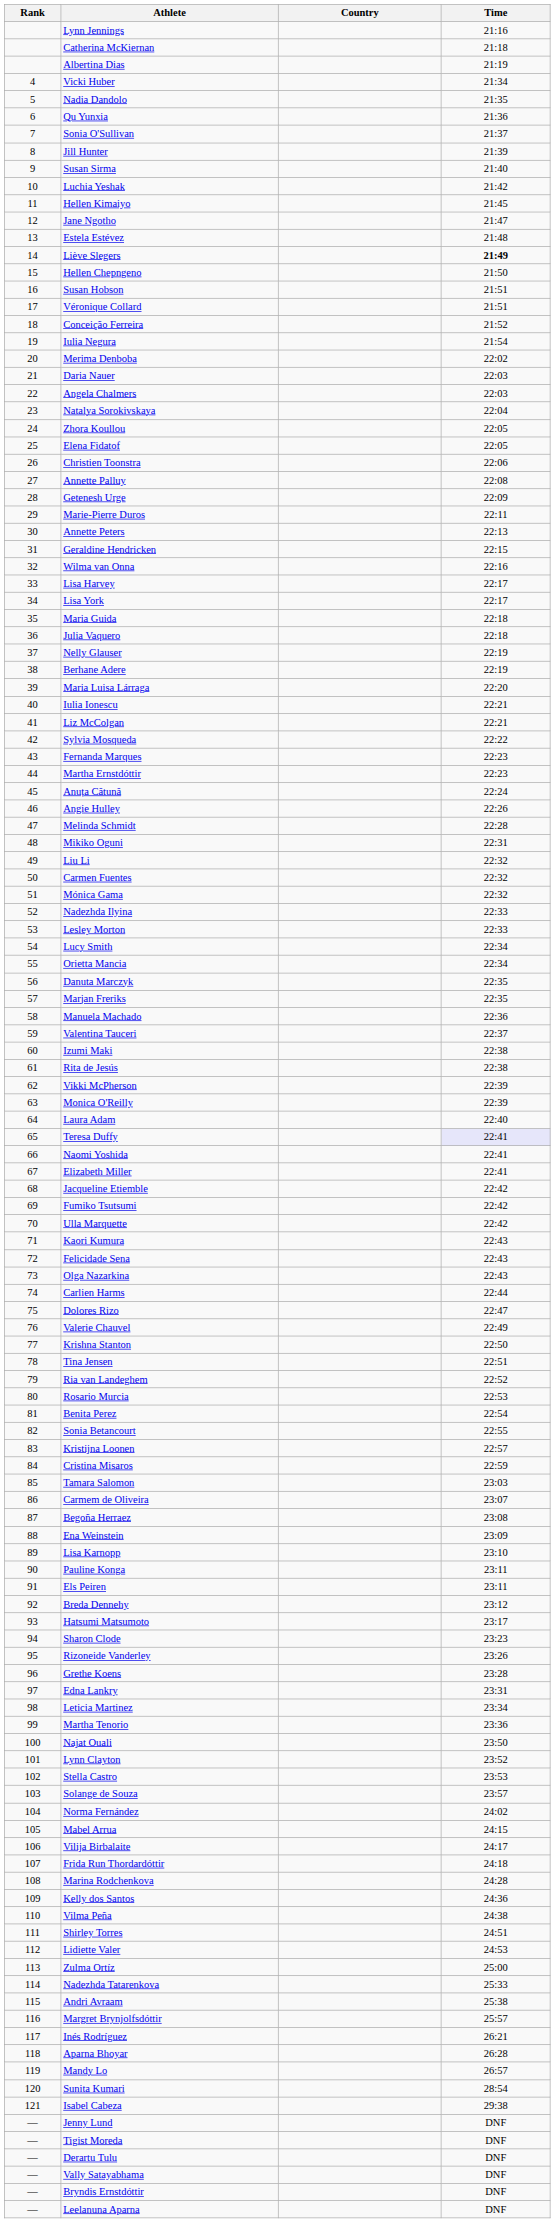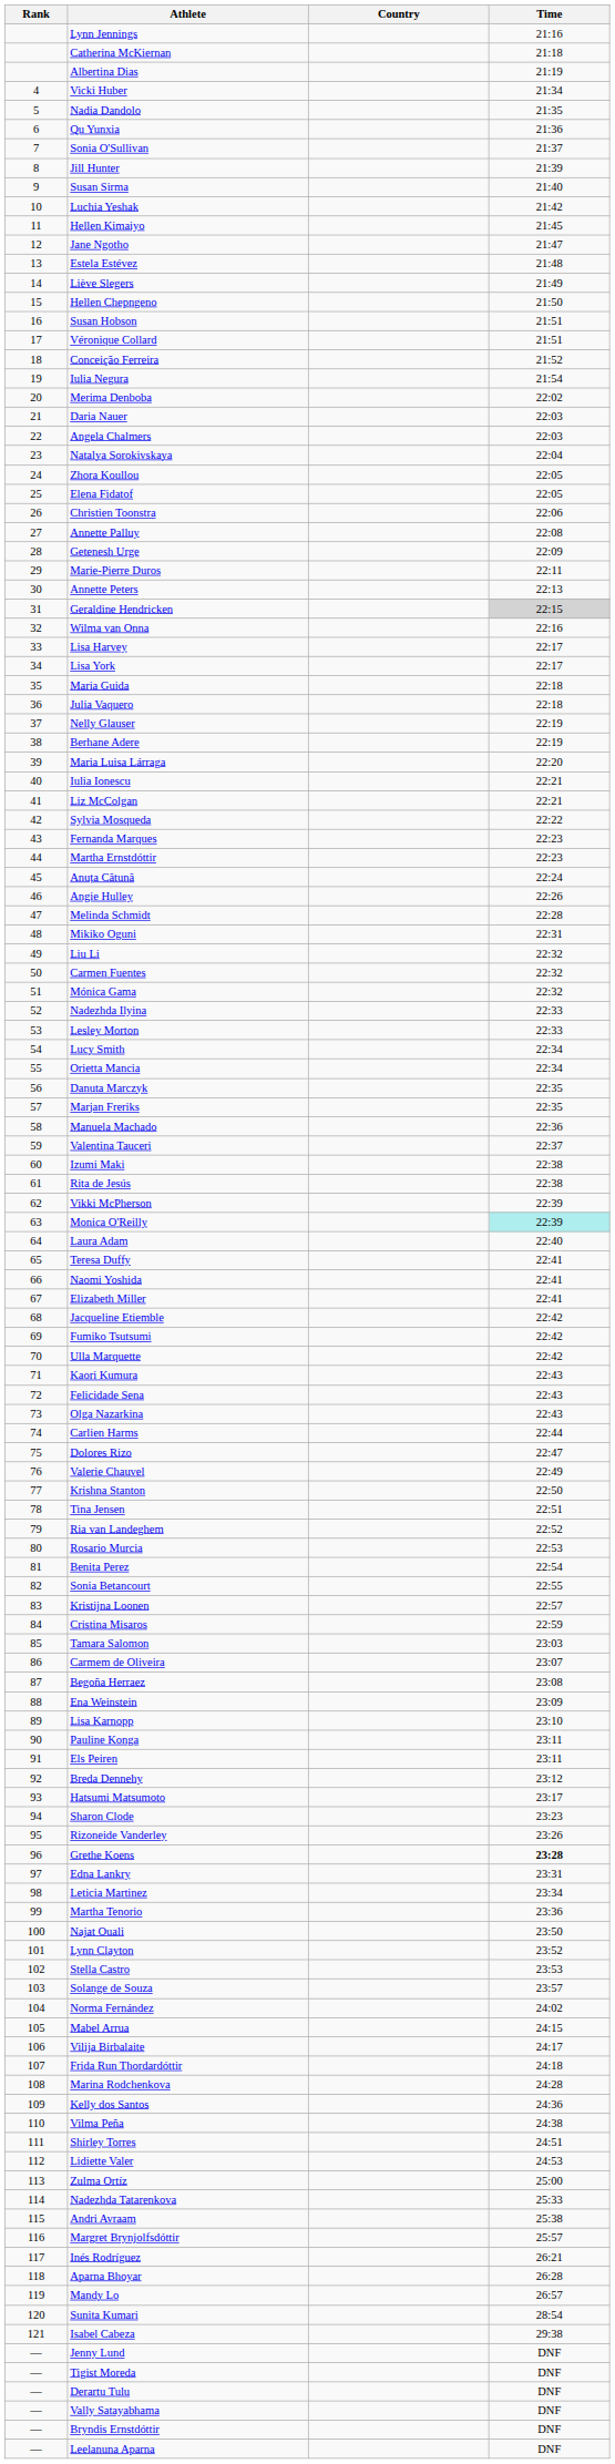 <table class="wikitable sortable" style=" text-align:center; font-size:95%;" width="50%">
 <tr>
 <th width=5%>Rank</th>
 <th width=20%>Athlete</th>
 <th width=15%>Country</th>
 <th width=10%>Time</th>
 </tr>
 <tr>
 <td align=center></td>
 <td align=left><a href='#'>Lynn Jennings</a></td>
 <td align=left></td>
 <td>21:16</td>
 </tr>
 <tr>
 <td align=center></td>
 <td align=left><a href='#'>Catherina McKiernan</a></td>
 <td align=left></td>
 <td>21:18</td>
 </tr>
 <tr>
 <td align=center></td>
 <td align=left><a href='#'>Albertina Dias</a></td>
 <td align=left></td>
 <td>21:19</td>
 </tr>
 <tr>
 <td align=center>4</td>
 <td align=left><a href='#'>Vicki Huber</a></td>
 <td align=left></td>
 <td>21:34</td>
 </tr>
 <tr>
 <td align=center>5</td>
 <td align=left><a href='#'>Nadia Dandolo</a></td>
 <td align=left></td>
 <td>21:35</td>
 </tr>
 <tr>
 <td align=center>6</td>
 <td align=left><a href='#'>Qu Yunxia</a></td>
 <td align=left></td>
 <td>21:36</td>
 </tr>
 <tr>
 <td align=center>7</td>
 <td align=left><a href='#'>Sonia O'Sullivan</a></td>
 <td align=left></td>
 <td>21:37</td>
 </tr>
 <tr>
 <td align=center>8</td>
 <td align=left><a href='#'>Jill Hunter</a></td>
 <td align=left></td>
 <td>21:39</td>
 </tr>
 <tr>
 <td align=center>9</td>
 <td align=left><a href='#'>Susan Sirma</a></td>
 <td align=left></td>
 <td>21:40</td>
 </tr>
 <tr>
 <td align=center>10</td>
 <td align=left><a href='#'>Luchia Yeshak</a></td>
 <td align=left></td>
 <td>21:42</td>
 </tr>
 <tr>
 <td align=center>11</td>
 <td align=left><a href='#'>Hellen Kimaiyo</a></td>
 <td align=left></td>
 <td>21:45</td>
 </tr>
 <tr>
 <td align=center>12</td>
 <td align=left><a href='#'>Jane Ngotho</a></td>
 <td align=left></td>
 <td>21:47</td>
 </tr>
 <tr>
 <td align=center>13</td>
 <td align=left><a href='#'>Estela Estévez</a></td>
 <td align=left></td>
 <td>21:48</td>
 </tr>
 <tr>
 <td align=center>14</td>
 <td align=left><a href='#'>Liève Slegers</a></td>
 <td align=left></td>
-<td><strong>21:49</strong></td>
+<td>21:49</td>
 </tr>
 <tr>
 <td align=center>15</td>
 <td align=left><a href='#'>Hellen Chepngeno</a></td>
 <td align=left></td>
 <td>21:50</td>
 </tr>
 <tr>
 <td align=center>16</td>
 <td align=left><a href='#'>Susan Hobson</a></td>
 <td align=left></td>
 <td>21:51</td>
 </tr>
 <tr>
 <td align=center>17</td>
 <td align=left><a href='#'>Véronique Collard</a></td>
 <td align=left></td>
 <td>21:51</td>
 </tr>
 <tr>
 <td align=center>18</td>
 <td align=left><a href='#'>Conceição Ferreira</a></td>
 <td align=left></td>
 <td>21:52</td>
 </tr>
 <tr>
 <td align=center>19</td>
 <td align=left><a href='#'>Iulia Negura</a></td>
 <td align=left></td>
 <td>21:54</td>
 </tr>
 <tr>
 <td align=center>20</td>
 <td align=left><a href='#'>Merima Denboba</a></td>
 <td align=left></td>
 <td>22:02</td>
 </tr>
 <tr>
 <td align=center>21</td>
 <td align=left><a href='#'>Daria Nauer</a></td>
 <td align=left></td>
 <td>22:03</td>
 </tr>
 <tr>
 <td align=center>22</td>
 <td align=left><a href='#'>Angela Chalmers</a></td>
 <td align=left></td>
 <td>22:03</td>
 </tr>
 <tr>
 <td align=center>23</td>
 <td align=left><a href='#'>Natalya Sorokivskaya</a></td>
 <td align=left></td>
 <td>22:04</td>
 </tr>
 <tr>
 <td align=center>24</td>
 <td align=left><a href='#'>Zhora Koullou</a></td>
 <td align=left></td>
 <td>22:05</td>
 </tr>
 <tr>
 <td align=center>25</td>
 <td align=left><a href='#'>Elena Fidatof</a></td>
 <td align=left></td>
 <td>22:05</td>
 </tr>
 <tr>
 <td align=center>26</td>
 <td align=left><a href='#'>Christien Toonstra</a></td>
 <td align=left></td>
 <td>22:06</td>
 </tr>
 <tr>
 <td align=center>27</td>
 <td align=left><a href='#'>Annette Palluy</a></td>
 <td align=left></td>
 <td>22:08</td>
 </tr>
 <tr>
 <td align=center>28</td>
 <td align=left><a href='#'>Getenesh Urge</a></td>
 <td align=left></td>
 <td>22:09</td>
 </tr>
 <tr>
 <td align=center>29</td>
 <td align=left><a href='#'>Marie-Pierre Duros</a></td>
 <td align=left></td>
 <td>22:11</td>
 </tr>
 <tr>
 <td align=center>30</td>
 <td align=left><a href='#'>Annette Peters</a></td>
 <td align=left></td>
 <td>22:13</td>
 </tr>
 <tr>
 <td align=center>31</td>
 <td align=left><a href='#'>Geraldine Hendricken</a></td>
 <td align=left></td>
-<td>22:15</td>
+<td style="background: lightgrey;">22:15</td>
 </tr>
 <tr>
 <td align=center>32</td>
 <td align=left><a href='#'>Wilma van Onna</a></td>
 <td align=left></td>
 <td>22:16</td>
 </tr>
 <tr>
 <td align=center>33</td>
 <td align=left><a href='#'>Lisa Harvey</a></td>
 <td align=left></td>
 <td>22:17</td>
 </tr>
 <tr>
 <td align=center>34</td>
 <td align=left><a href='#'>Lisa York</a></td>
 <td align=left></td>
 <td>22:17</td>
 </tr>
 <tr>
 <td align=center>35</td>
 <td align=left><a href='#'>Maria Guida</a></td>
 <td align=left></td>
 <td>22:18</td>
 </tr>
 <tr>
 <td align=center>36</td>
 <td align=left><a href='#'>Julia Vaquero</a></td>
 <td align=left></td>
 <td>22:18</td>
 </tr>
 <tr>
 <td align=center>37</td>
 <td align=left><a href='#'>Nelly Glauser</a></td>
 <td align=left></td>
 <td>22:19</td>
 </tr>
 <tr>
 <td align=center>38</td>
 <td align=left><a href='#'>Berhane Adere</a></td>
 <td align=left></td>
 <td>22:19</td>
 </tr>
 <tr>
 <td align=center>39</td>
 <td align=left><a href='#'>Maria Luisa Lárraga</a></td>
 <td align=left></td>
 <td>22:20</td>
 </tr>
 <tr>
 <td align=center>40</td>
 <td align=left><a href='#'>Iulia Ionescu</a></td>
 <td align=left></td>
 <td>22:21</td>
 </tr>
 <tr>
 <td align=center>41</td>
 <td align=left><a href='#'>Liz McColgan</a></td>
 <td align=left></td>
 <td>22:21</td>
 </tr>
 <tr>
 <td align=center>42</td>
 <td align=left><a href='#'>Sylvia Mosqueda</a></td>
 <td align=left></td>
 <td>22:22</td>
 </tr>
 <tr>
 <td align=center>43</td>
 <td align=left><a href='#'>Fernanda Marques</a></td>
 <td align=left></td>
 <td>22:23</td>
 </tr>
 <tr>
 <td align=center>44</td>
 <td align=left><a href='#'>Martha Ernstdóttir</a></td>
 <td align=left></td>
 <td>22:23</td>
 </tr>
 <tr>
 <td align=center>45</td>
 <td align=left><a href='#'>Anuța Cătună</a></td>
 <td align=left></td>
 <td>22:24</td>
 </tr>
 <tr>
 <td align=center>46</td>
 <td align=left><a href='#'>Angie Hulley</a></td>
 <td align=left></td>
 <td>22:26</td>
 </tr>
 <tr>
 <td align=center>47</td>
 <td align=left><a href='#'>Melinda Schmidt</a></td>
 <td align=left></td>
 <td>22:28</td>
 </tr>
 <tr>
 <td align=center>48</td>
 <td align=left><a href='#'>Mikiko Oguni</a></td>
 <td align=left></td>
 <td>22:31</td>
 </tr>
 <tr>
 <td align=center>49</td>
 <td align=left><a href='#'>Liu Li</a></td>
 <td align=left></td>
 <td>22:32</td>
 </tr>
 <tr>
 <td align=center>50</td>
 <td align=left><a href='#'>Carmen Fuentes</a></td>
 <td align=left></td>
 <td>22:32</td>
 </tr>
 <tr>
 <td align=center>51</td>
 <td align=left><a href='#'>Mónica Gama</a></td>
 <td align=left></td>
 <td>22:32</td>
 </tr>
 <tr>
 <td align=center>52</td>
 <td align=left><a href='#'>Nadezhda Ilyina</a></td>
 <td align=left></td>
 <td>22:33</td>
 </tr>
 <tr>
 <td align=center>53</td>
 <td align=left><a href='#'>Lesley Morton</a></td>
 <td align=left></td>
 <td>22:33</td>
 </tr>
 <tr>
 <td align=center>54</td>
 <td align=left><a href='#'>Lucy Smith</a></td>
 <td align=left></td>
 <td>22:34</td>
 </tr>
 <tr>
 <td align=center>55</td>
 <td align=left><a href='#'>Orietta Mancia</a></td>
 <td align=left></td>
 <td>22:34</td>
 </tr>
 <tr>
 <td align=center>56</td>
 <td align=left><a href='#'>Danuta Marczyk</a></td>
 <td align=left></td>
 <td>22:35</td>
 </tr>
 <tr>
 <td align=center>57</td>
 <td align=left><a href='#'>Marjan Freriks</a></td>
 <td align=left></td>
 <td>22:35</td>
 </tr>
 <tr>
 <td align=center>58</td>
 <td align=left><a href='#'>Manuela Machado</a></td>
 <td align=left></td>
 <td>22:36</td>
 </tr>
 <tr>
 <td align=center>59</td>
 <td align=left><a href='#'>Valentina Tauceri</a></td>
 <td align=left></td>
 <td>22:37</td>
 </tr>
 <tr>
 <td align=center>60</td>
 <td align=left><a href='#'>Izumi Maki</a></td>
 <td align=left></td>
 <td>22:38</td>
 </tr>
 <tr>
 <td align=center>61</td>
 <td align=left><a href='#'>Rita de Jesús</a></td>
 <td align=left></td>
 <td>22:38</td>
 </tr>
 <tr>
 <td align=center>62</td>
 <td align=left><a href='#'>Vikki McPherson</a></td>
 <td align=left></td>
 <td>22:39</td>
 </tr>
 <tr>
 <td align=center>63</td>
 <td align=left><a href='#'>Monica O'Reilly</a></td>
 <td align=left></td>
-<td>22:39</td>
+<td style="background: paleturquoise;">22:39</td>
 </tr>
 <tr>
 <td align=center>64</td>
 <td align=left><a href='#'>Laura Adam</a></td>
 <td align=left></td>
 <td>22:40</td>
 </tr>
 <tr>
 <td align=center>65</td>
 <td align=left><a href='#'>Teresa Duffy</a></td>
 <td align=left></td>
-<td style="background: lavender;">22:41</td>
+<td>22:41</td>
 </tr>
 <tr>
 <td align=center>66</td>
 <td align=left><a href='#'>Naomi Yoshida</a></td>
 <td align=left></td>
 <td>22:41</td>
 </tr>
 <tr>
 <td align=center>67</td>
 <td align=left><a href='#'>Elizabeth Miller</a></td>
 <td align=left></td>
 <td>22:41</td>
 </tr>
 <tr>
 <td align=center>68</td>
 <td align=left><a href='#'>Jacqueline Etiemble</a></td>
 <td align=left></td>
 <td>22:42</td>
 </tr>
 <tr>
 <td align=center>69</td>
 <td align=left><a href='#'>Fumiko Tsutsumi</a></td>
 <td align=left></td>
 <td>22:42</td>
 </tr>
 <tr>
 <td align=center>70</td>
 <td align=left><a href='#'>Ulla Marquette</a></td>
 <td align=left></td>
 <td>22:42</td>
 </tr>
 <tr>
 <td align=center>71</td>
 <td align=left><a href='#'>Kaori Kumura</a></td>
 <td align=left></td>
 <td>22:43</td>
 </tr>
 <tr>
 <td align=center>72</td>
 <td align=left><a href='#'>Felicidade Sena</a></td>
 <td align=left></td>
 <td>22:43</td>
 </tr>
 <tr>
 <td align=center>73</td>
 <td align=left><a href='#'>Olga Nazarkina</a></td>
 <td align=left></td>
 <td>22:43</td>
 </tr>
 <tr>
 <td align=center>74</td>
 <td align=left><a href='#'>Carlien Harms</a></td>
 <td align=left></td>
 <td>22:44</td>
 </tr>
 <tr>
 <td align=center>75</td>
 <td align=left><a href='#'>Dolores Rizo</a></td>
 <td align=left></td>
 <td>22:47</td>
 </tr>
 <tr>
 <td align=center>76</td>
 <td align=left><a href='#'>Valerie Chauvel</a></td>
 <td align=left></td>
 <td>22:49</td>
 </tr>
 <tr>
 <td align=center>77</td>
 <td align=left><a href='#'>Krishna Stanton</a></td>
 <td align=left></td>
 <td>22:50</td>
 </tr>
 <tr>
 <td align=center>78</td>
 <td align=left><a href='#'>Tina Jensen</a></td>
 <td align=left></td>
 <td>22:51</td>
 </tr>
 <tr>
 <td align=center>79</td>
 <td align=left><a href='#'>Ria van Landeghem</a></td>
 <td align=left></td>
 <td>22:52</td>
 </tr>
 <tr>
 <td align=center>80</td>
 <td align=left><a href='#'>Rosario Murcia</a></td>
 <td align=left></td>
 <td>22:53</td>
 </tr>
 <tr>
 <td align=center>81</td>
 <td align=left><a href='#'>Benita Perez</a></td>
 <td align=left></td>
 <td>22:54</td>
 </tr>
 <tr>
 <td align=center>82</td>
 <td align=left><a href='#'>Sonia Betancourt</a></td>
 <td align=left></td>
 <td>22:55</td>
 </tr>
 <tr>
 <td align=center>83</td>
 <td align=left><a href='#'>Kristijna Loonen</a></td>
 <td align=left></td>
 <td>22:57</td>
 </tr>
 <tr>
 <td align=center>84</td>
 <td align=left><a href='#'>Cristina Misaros</a></td>
 <td align=left></td>
 <td>22:59</td>
 </tr>
 <tr>
 <td align=center>85</td>
 <td align=left><a href='#'>Tamara Salomon</a></td>
 <td align=left></td>
 <td>23:03</td>
 </tr>
 <tr>
 <td align=center>86</td>
 <td align=left><a href='#'>Carmem de Oliveira</a></td>
 <td align=left></td>
 <td>23:07</td>
 </tr>
 <tr>
 <td align=center>87</td>
 <td align=left><a href='#'>Begoña Herraez</a></td>
 <td align=left></td>
 <td>23:08</td>
 </tr>
 <tr>
 <td align=center>88</td>
 <td align=left><a href='#'>Ena Weinstein</a></td>
 <td align=left></td>
 <td>23:09</td>
 </tr>
 <tr>
 <td align=center>89</td>
 <td align=left><a href='#'>Lisa Karnopp</a></td>
 <td align=left></td>
 <td>23:10</td>
 </tr>
 <tr>
 <td align=center>90</td>
 <td align=left><a href='#'>Pauline Konga</a></td>
 <td align=left></td>
 <td>23:11</td>
 </tr>
 <tr>
 <td align=center>91</td>
 <td align=left><a href='#'>Els Peiren</a></td>
 <td align=left></td>
 <td>23:11</td>
 </tr>
 <tr>
 <td align=center>92</td>
 <td align=left><a href='#'>Breda Dennehy</a></td>
 <td align=left></td>
 <td>23:12</td>
 </tr>
 <tr>
 <td align=center>93</td>
 <td align=left><a href='#'>Hatsumi Matsumoto</a></td>
 <td align=left></td>
 <td>23:17</td>
 </tr>
 <tr>
 <td align=center>94</td>
 <td align=left><a href='#'>Sharon Clode</a></td>
 <td align=left></td>
 <td>23:23</td>
 </tr>
 <tr>
 <td align=center>95</td>
 <td align=left><a href='#'>Rizoneide Vanderley</a></td>
 <td align=left></td>
 <td>23:26</td>
 </tr>
 <tr>
 <td align=center>96</td>
 <td align=left><a href='#'>Grethe Koens</a></td>
 <td align=left></td>
-<td>23:28</td>
+<td><strong>23:28</strong></td>
 </tr>
 <tr>
 <td align=center>97</td>
 <td align=left><a href='#'>Edna Lankry</a></td>
 <td align=left></td>
 <td>23:31</td>
 </tr>
 <tr>
 <td align=center>98</td>
 <td align=left><a href='#'>Leticia Martinez</a></td>
 <td align=left></td>
 <td>23:34</td>
 </tr>
 <tr>
 <td align=center>99</td>
 <td align=left><a href='#'>Martha Tenorio</a></td>
 <td align=left></td>
 <td>23:36</td>
 </tr>
 <tr>
 <td align=center>100</td>
 <td align=left><a href='#'>Najat Ouali</a></td>
 <td align=left></td>
 <td>23:50</td>
 </tr>
 <tr>
 <td align=center>101</td>
 <td align=left><a href='#'>Lynn Clayton</a></td>
 <td align=left></td>
 <td>23:52</td>
 </tr>
 <tr>
 <td align=center>102</td>
 <td align=left><a href='#'>Stella Castro</a></td>
 <td align=left></td>
 <td>23:53</td>
 </tr>
 <tr>
 <td align=center>103</td>
 <td align=left><a href='#'>Solange de Souza</a></td>
 <td align=left></td>
 <td>23:57</td>
 </tr>
 <tr>
 <td align=center>104</td>
 <td align=left><a href='#'>Norma Fernández</a></td>
 <td align=left></td>
 <td>24:02</td>
 </tr>
 <tr>
 <td align=center>105</td>
 <td align=left><a href='#'>Mabel Arrua</a></td>
 <td align=left></td>
 <td>24:15</td>
 </tr>
 <tr>
 <td align=center>106</td>
 <td align=left><a href='#'>Vilija Birbalaite</a></td>
 <td align=left></td>
 <td>24:17</td>
 </tr>
 <tr>
 <td align=center>107</td>
 <td align=left><a href='#'>Frida Run Thordardóttir</a></td>
 <td align=left></td>
 <td>24:18</td>
 </tr>
 <tr>
 <td align=center>108</td>
 <td align=left><a href='#'>Marina Rodchenkova</a></td>
 <td align=left></td>
 <td>24:28</td>
 </tr>
 <tr>
 <td align=center>109</td>
 <td align=left><a href='#'>Kelly dos Santos</a></td>
 <td align=left></td>
 <td>24:36</td>
 </tr>
 <tr>
 <td align=center>110</td>
 <td align=left><a href='#'>Vilma Peña</a></td>
 <td align=left></td>
 <td>24:38</td>
 </tr>
 <tr>
 <td align=center>111</td>
 <td align=left><a href='#'>Shirley Torres</a></td>
 <td align=left></td>
 <td>24:51</td>
 </tr>
 <tr>
 <td align=center>112</td>
 <td align=left><a href='#'>Lidiette Valer</a></td>
 <td align=left></td>
 <td>24:53</td>
 </tr>
 <tr>
 <td align=center>113</td>
 <td align=left><a href='#'>Zulma Ortíz</a></td>
 <td align=left></td>
 <td>25:00</td>
 </tr>
 <tr>
 <td align=center>114</td>
 <td align=left><a href='#'>Nadezhda Tatarenkova</a></td>
 <td align=left></td>
 <td>25:33</td>
 </tr>
 <tr>
 <td align=center>115</td>
 <td align=left><a href='#'>Andri Avraam</a></td>
 <td align=left></td>
 <td>25:38</td>
 </tr>
 <tr>
 <td align=center>116</td>
 <td align=left><a href='#'>Margret Brynjolfsdóttir</a></td>
 <td align=left></td>
 <td>25:57</td>
 </tr>
 <tr>
 <td align=center>117</td>
 <td align=left><a href='#'>Inés Rodríguez</a></td>
 <td align=left></td>
 <td>26:21</td>
 </tr>
 <tr>
 <td align=center>118</td>
 <td align=left><a href='#'>Aparna Bhoyar</a></td>
 <td align=left></td>
 <td>26:28</td>
 </tr>
 <tr>
 <td align=center>119</td>
 <td align=left><a href='#'>Mandy Lo</a></td>
 <td align=left></td>
 <td>26:57</td>
 </tr>
 <tr>
 <td align=center>120</td>
 <td align=left><a href='#'>Sunita Kumari</a></td>
 <td align=left></td>
 <td>28:54</td>
 </tr>
 <tr>
 <td align=center>121</td>
 <td align=left><a href='#'>Isabel Cabeza</a></td>
 <td align=left></td>
 <td>29:38</td>
 </tr>
 <tr>
 <td align=center>—</td>
 <td align=left><a href='#'>Jenny Lund</a></td>
 <td align=left></td>
 <td>DNF</td>
 </tr>
 <tr>
 <td align=center>—</td>
 <td align=left><a href='#'>Tigist Moreda</a></td>
 <td align=left></td>
 <td>DNF</td>
 </tr>
 <tr>
 <td align=center>—</td>
 <td align=left><a href='#'>Derartu Tulu</a></td>
 <td align=left></td>
 <td>DNF</td>
 </tr>
 <tr>
 <td align=center>—</td>
 <td align=left><a href='#'>Vally Satayabhama</a></td>
 <td align=left></td>
 <td>DNF</td>
 </tr>
 <tr>
 <td align=center>—</td>
 <td align=left><a href='#'>Bryndis Ernstdóttir</a></td>
 <td align=left></td>
 <td>DNF</td>
 </tr>
 <tr>
 <td align=center>—</td>
 <td align=left><a href='#'>Leelanuna Aparna</a></td>
 <td align=left></td>
 <td>DNF</td>
 </tr>
 </table>
